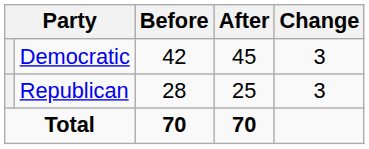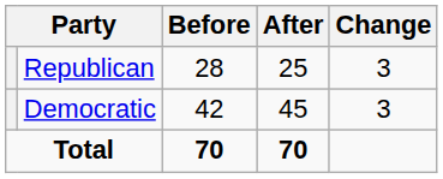 <table class="wikitable" style="text-align:center;">
 <tr>
 <th colspan="2">Party</th>
 <th>Before</th>
 <th>After</th>
 <th>Change</th>
 </tr>
 <tr>
 <th style="background-color:"></th>
-<td style="text-align:left;"><a href='#'>Democratic</a></td>
-<td>42</td>
-<td>45</td>
+<td style="text-align:left;"><a href='#'>Republican</a></td>
+<td>28</td>
+<td>25</td>
 <td> 3</td>
 </tr>
 <tr>
 <th style="background-color:"></th>
-<td style="text-align:left;"><a href='#'>Republican</a></td>
-<td>28</td>
-<td>25</td>
+<td style="text-align:left;"><a href='#'>Democratic</a></td>
+<td>42</td>
+<td>45</td>
 <td> 3</td>
 </tr>
 <tr>
 <td colspan="2"><strong>Total</strong></td>
 <td><strong>70</strong></td>
 <td><strong>70</strong></td>
 <td></td>
 </tr>
 </table>
